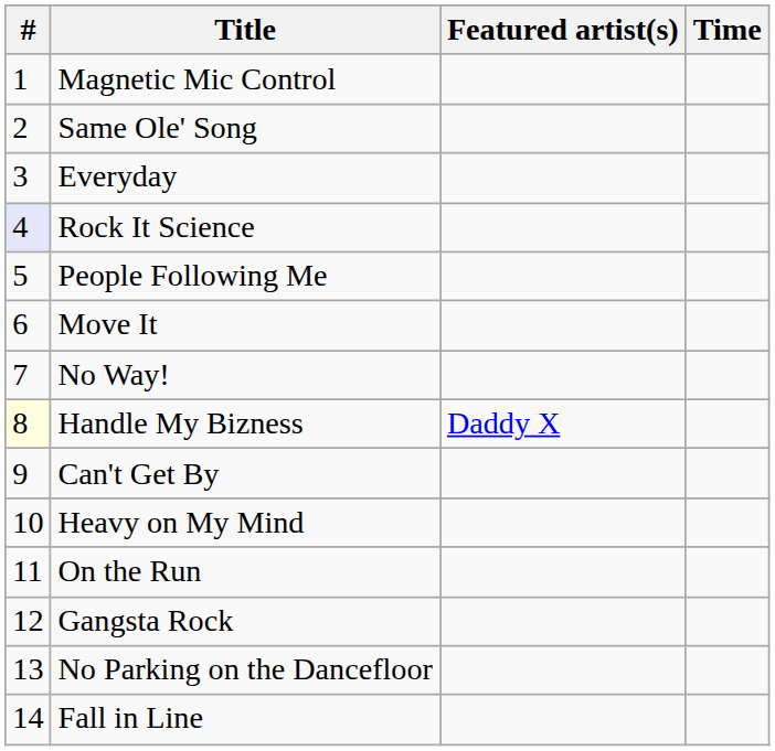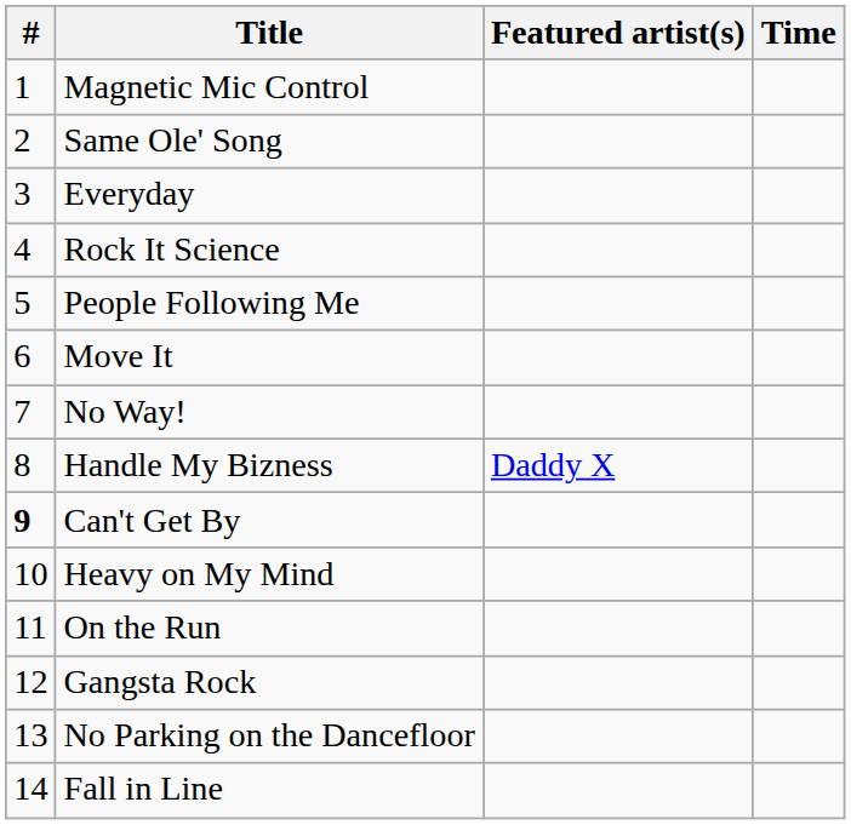 <table class="wikitable">
 <tr>
 <th align="center">#</th>
 <th align="center">Title</th>
 <th align="center">Featured artist(s)</th>
 <th align="center">Time</th>
 </tr>
 <tr>
 <td>1</td>
 <td>Magnetic Mic Control</td>
 <td></td>
 <td></td>
 </tr>
 <tr>
 <td>2</td>
 <td>Same Ole' Song</td>
 <td></td>
 <td></td>
 </tr>
 <tr>
 <td>3</td>
 <td>Everyday</td>
 <td></td>
 <td></td>
 </tr>
 <tr>
-<td style="background: lavender;">4</td>
+<td>4</td>
 <td>Rock It Science</td>
 <td></td>
 <td></td>
 </tr>
 <tr>
 <td>5</td>
 <td>People Following Me</td>
 <td></td>
 <td></td>
 </tr>
 <tr>
 <td>6</td>
 <td>Move It</td>
 <td></td>
 <td></td>
 </tr>
 <tr>
 <td>7</td>
 <td>No Way!</td>
 <td></td>
 <td></td>
 </tr>
 <tr>
-<td style="background: lightyellow;">8</td>
+<td>8</td>
 <td>Handle My Bizness</td>
 <td><a href='#'>Daddy X</a></td>
 <td></td>
 </tr>
 <tr>
-<td>9</td>
+<td><strong>9</strong></td>
 <td>Can't Get By</td>
 <td></td>
 <td></td>
 </tr>
 <tr>
 <td>10</td>
 <td>Heavy on My Mind</td>
 <td></td>
 <td></td>
 </tr>
 <tr>
 <td>11</td>
 <td>On the Run</td>
 <td></td>
 <td></td>
 </tr>
 <tr>
 <td>12</td>
 <td>Gangsta Rock</td>
 <td></td>
 <td></td>
 </tr>
 <tr>
 <td>13</td>
 <td>No Parking on the Dancefloor</td>
 <td></td>
 </tr>
 <tr>
 <td>14</td>
 <td>Fall in Line</td>
 <td></td>
 <td></td>
 </tr>
 </table>
